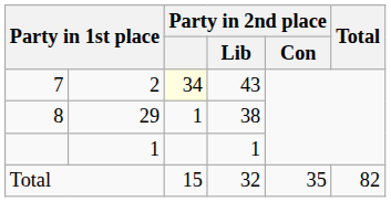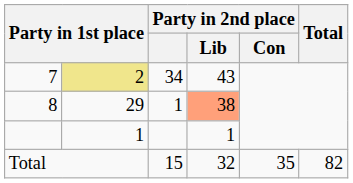 <table class="wikitable" style="text-align:right;">
 <tr>
 <th rowspan="2" colspan="2" style="text-align:left;">Party in 1st place</th>
 <th colspan="3">Party in 2nd place</th>
 <th rowspan="2">Total</th>
 </tr>
 <tr>
 <th></th>
 <th>Lib</th>
 <th>Con</th>
 </tr>
 <tr>
 <td>7</td>
-<td>2</td>
-<td style="background: lightyellow;">34</td>
+<td style="background: khaki;">2</td>
+<td>34</td>
 <td>43</td>
 </tr>
 <tr>
 <td>8</td>
 <td>29</td>
 <td>1</td>
-<td>38</td>
+<td style="background: lightsalmon;">38</td>
 </tr>
 <tr>
 <td></td>
 <td>1</td>
 <td></td>
 <td>1</td>
 </tr>
 <tr>
 <td colspan="2" style="text-align:left;">Total</td>
 <td>15</td>
 <td>32</td>
 <td>35</td>
 <td>82</td>
 </tr>
 </table>
